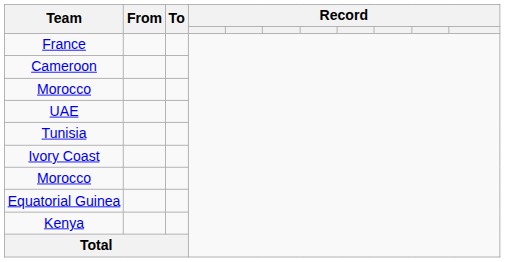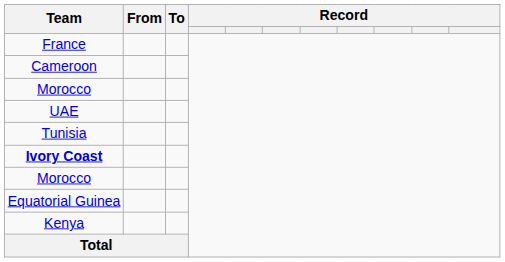 <table class=wikitable style=text-align:center>
 <tr>
 <th rowspan=2>Team</th>
 <th rowspan=2>From</th>
 <th rowspan=2>To</th>
 <th colspan=8>Record</th>
 </tr>
 <tr>
 <th width="35"></th>
 <th width="35"></th>
 <th width="35"></th>
 <th width="35"></th>
 <th width="35"></th>
 <th width="35"></th>
 <th width="35"></th>
 <th width="50"></th>
 </tr>
 <tr>
 <td><a href='#'>France</a></td>
 <td></td>
 <td><br></td>
 </tr>
 <tr>
 <td><a href='#'>Cameroon</a></td>
 <td></td>
 <td><br></td>
 </tr>
 <tr>
 <td><a href='#'>Morocco</a></td>
 <td></td>
 <td><br></td>
 </tr>
 <tr>
 <td><a href='#'>UAE</a></td>
 <td></td>
 <td><br></td>
 </tr>
 <tr>
 <td><a href='#'>Tunisia</a></td>
 <td></td>
 <td><br></td>
 </tr>
 <tr>
-<td><a href='#'>Ivory Coast</a></td>
+<td><strong><a href='#'>Ivory Coast</a></strong></td>
 <td></td>
 <td><br></td>
 </tr>
 <tr>
 <td><a href='#'>Morocco</a></td>
 <td></td>
 <td><br></td>
 </tr>
 <tr>
 <td><a href='#'>Equatorial Guinea</a></td>
 <td></td>
 <td><br></td>
 </tr>
 <tr>
 <td><a href='#'>Kenya</a></td>
 <td></td>
 <td><br></td>
 </tr>
 <tr>
 <th colspan="3">Total<br></th>
 </tr>
 </table>
